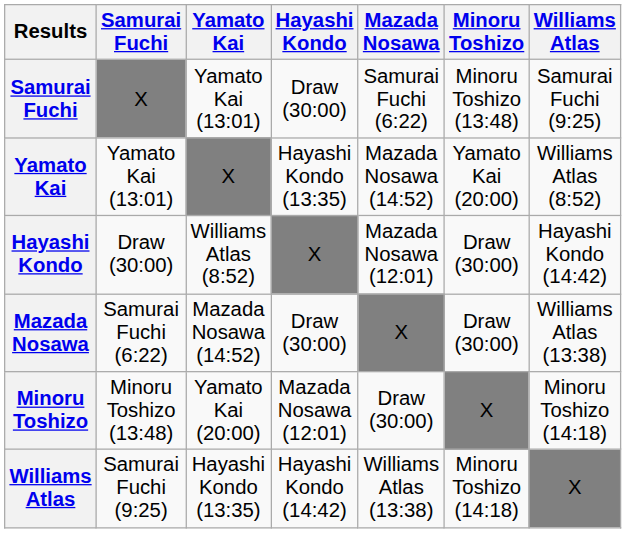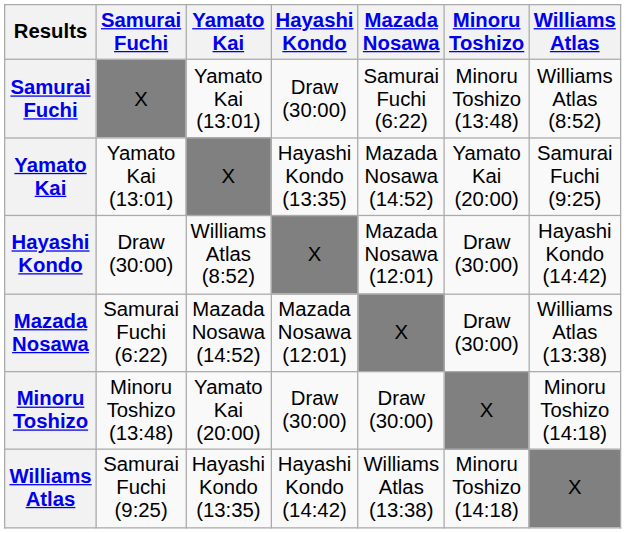 <table class="wikitable" style="text-align:center; margin: 1em auto 1em auto">
 <tr>
 <th>Results</th>
 <th><a href='#'>Samurai</a><br><a href='#'>Fuchi</a></th>
 <th><a href='#'>Yamato</a><br><a href='#'>Kai</a></th>
 <th><a href='#'>Hayashi</a><br><a href='#'>Kondo</a></th>
 <th><a href='#'>Mazada</a><br><a href='#'>Nosawa</a></th>
 <th><a href='#'>Minoru</a><br><a href='#'>Toshizo</a></th>
 <th><a href='#'>Williams</a><br><a href='#'>Atlas</a></th>
 </tr>
 <tr>
 <th><a href='#'>Samurai</a><br><a href='#'>Fuchi</a></th>
 <td bgcolor=grey>X</td>
 <td>Yamato<br>Kai<br>(13:01)</td>
 <td>Draw<br>(30:00)</td>
 <td>Samurai<br>Fuchi<br>(6:22)</td>
 <td>Minoru<br>Toshizo<br>(13:48)</td>
-<td>Samurai<br>Fuchi<br>(9:25)</td>
+<td>Williams<br>Atlas<br>(8:52)</td>
 </tr>
 <tr>
 <th><a href='#'>Yamato</a><br><a href='#'>Kai</a></th>
 <td>Yamato<br>Kai<br>(13:01)</td>
 <td bgcolor=grey>X</td>
 <td>Hayashi<br>Kondo<br>(13:35)</td>
 <td>Mazada<br>Nosawa<br>(14:52)</td>
 <td>Yamato<br>Kai<br>(20:00)</td>
-<td>Williams<br>Atlas<br>(8:52)</td>
+<td>Samurai<br>Fuchi<br>(9:25)</td>
 </tr>
 <tr>
 <th><a href='#'>Hayashi</a><br><a href='#'>Kondo</a></th>
 <td>Draw<br>(30:00)</td>
 <td>Williams<br>Atlas<br>(8:52)</td>
 <td bgcolor=grey>X</td>
 <td>Mazada<br>Nosawa<br>(12:01)</td>
 <td>Draw<br>(30:00)</td>
 <td>Hayashi<br>Kondo<br>(14:42)</td>
 </tr>
 <tr>
 <th><a href='#'>Mazada</a><br><a href='#'>Nosawa</a></th>
 <td>Samurai<br>Fuchi<br>(6:22)</td>
 <td>Mazada<br>Nosawa<br>(14:52)</td>
-<td>Draw<br>(30:00)</td>
+<td>Mazada<br>Nosawa<br>(12:01)</td>
 <td bgcolor=grey>X</td>
 <td>Draw<br>(30:00)</td>
 <td>Williams<br>Atlas<br>(13:38)</td>
 </tr>
 <tr>
 <th><a href='#'>Minoru</a><br><a href='#'>Toshizo</a></th>
 <td>Minoru<br>Toshizo<br>(13:48)</td>
 <td>Yamato<br>Kai<br>(20:00)</td>
-<td>Mazada<br>Nosawa<br>(12:01)</td>
+<td>Draw<br>(30:00)</td>
 <td>Draw<br>(30:00)</td>
 <td bgcolor=grey>X</td>
 <td>Minoru<br>Toshizo<br>(14:18)</td>
 </tr>
 <tr>
 <th><a href='#'>Williams</a><br><a href='#'>Atlas</a></th>
 <td>Samurai<br>Fuchi<br>(9:25)</td>
 <td>Hayashi<br>Kondo<br>(13:35)</td>
 <td>Hayashi<br>Kondo<br>(14:42)</td>
 <td>Williams<br>Atlas<br>(13:38)</td>
 <td>Minoru<br>Toshizo<br>(14:18)</td>
 <td bgcolor=grey>X</td>
 </tr>
 </table>
